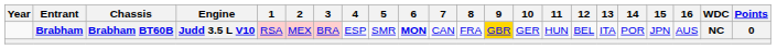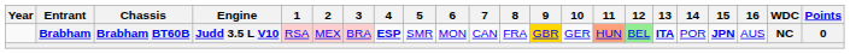 <table class="wikitable" style="text-align:center; font-size:85%">
 <tr>
 <th>Year</th>
 <th>Entrant</th>
 <th>Chassis</th>
 <th>Engine</th>
 <th>1</th>
 <th>2</th>
 <th>3</th>
 <th>4</th>
 <th>5</th>
 <th>6</th>
 <th>7</th>
 <th>8</th>
 <th>9</th>
 <th>10</th>
 <th>11</th>
 <th>12</th>
 <th>13</th>
 <th>14</th>
 <th>15</th>
 <th>16</th>
 <th>WDC</th>
 <th><a href='#'>Points</a></th>
 </tr>
 <tr>
 <td></td>
 <th nowrap><a href='#'>Brabham</a></th>
 <th nowrap><a href='#'>Brabham</a> <a href='#'>BT60B</a></th>
 <th nowrap><a href='#'>Judd</a> 3.5 L <a href='#'>V10</a></th>
 <td style="background:#FFCFCF;"><a href='#'>RSA</a><br></td>
 <td style="background:#FFCFCF;"><a href='#'>MEX</a><br></td>
 <td style="background:#FFCFCF;"><a href='#'>BRA</a><br></td>
-<td><a href='#'>ESP</a></td>
+<td><strong><a href='#'>ESP</a></strong></td>
 <td><a href='#'>SMR</a></td>
-<td><strong><a href='#'>MON</a></strong></td>
+<td><a href='#'>MON</a></td>
 <td><a href='#'>CAN</a></td>
 <td><a href='#'>FRA</a></td>
 <td style="background: gold;"><a href='#'>GBR</a></td>
 <td><a href='#'>GER</a></td>
-<td><a href='#'>HUN</a></td>
-<td><a href='#'>BEL</a></td>
-<td><a href='#'>ITA</a></td>
+<td style="background: lightsalmon;"><a href='#'>HUN</a></td>
+<td style="background: lightgreen;"><a href='#'>BEL</a></td>
+<td><strong><a href='#'>ITA</a></strong></td>
 <td><a href='#'>POR</a></td>
-<td><a href='#'>JPN</a></td>
+<td><strong><a href='#'>JPN</a></strong></td>
 <td><a href='#'>AUS</a></td>
 <th>NC</th>
 <th>0</th>
 </tr>
 <tr>
 <th colspan="22"></th>
 </tr>
 </table>
